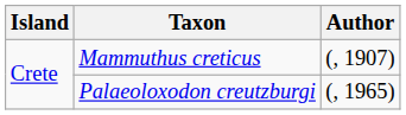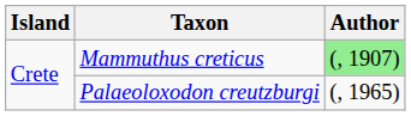 <table class="wikitable">
 <tr>
 <th>Island</th>
 <th>Taxon</th>
 <th>Author</th>
 </tr>
 <tr>
 <td rowspan="2"><a href='#'>Crete</a></td>
 <td><em><a href='#'>Mammuthus creticus</a></em></td>
-<td>(, 1907)</td>
+<td style="background: lightgreen;">(, 1907)</td>
 </tr>
 <tr>
 <td><em><a href='#'>Palaeoloxodon creutzburgi</a></em></td>
 <td>(, 1965)</td>
 </tr>
 </table>
